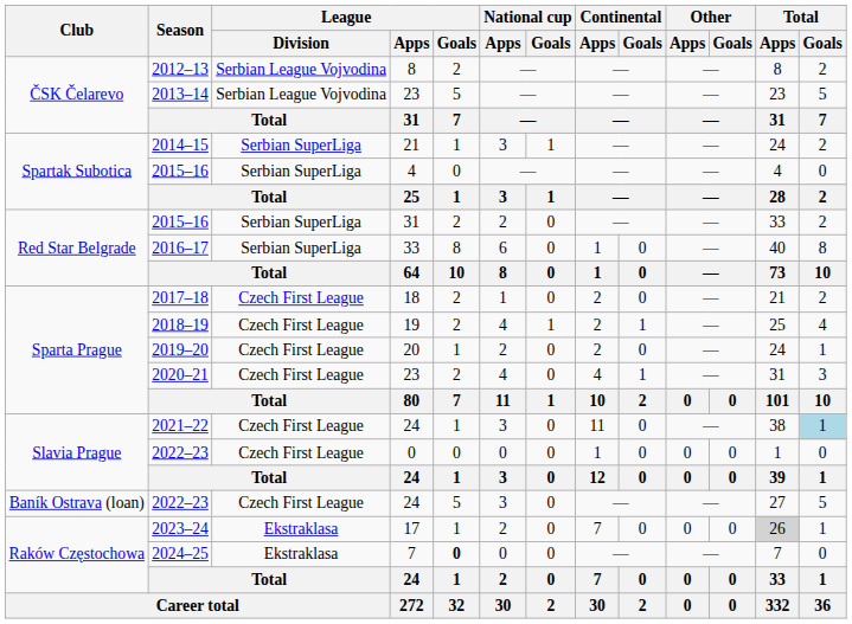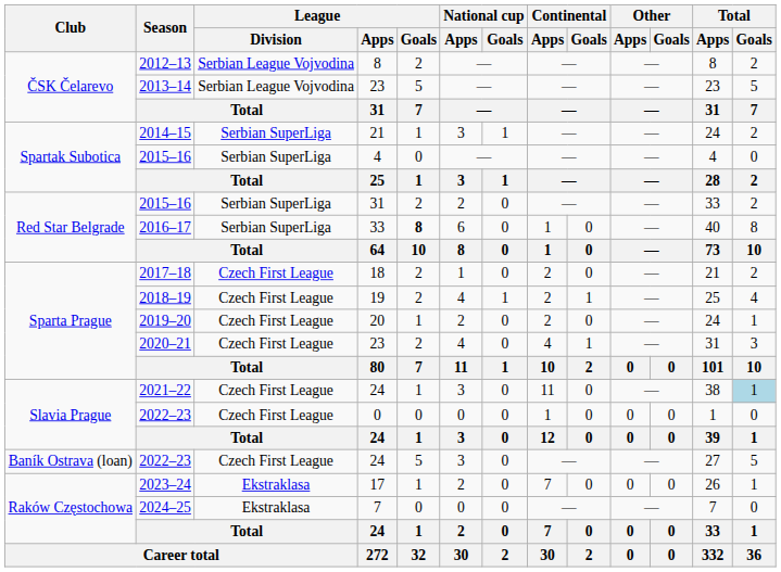 <table class="wikitable" style="text-align:center">
 <tr>
 <th rowspan="2">Club</th>
 <th rowspan="2">Season</th>
 <th colspan="3">League</th>
 <th colspan="2">National cup</th>
 <th colspan="2">Continental</th>
 <th colspan="2">Other</th>
 <th colspan="2">Total</th>
 </tr>
 <tr>
 <th>Division</th>
 <th>Apps</th>
 <th>Goals</th>
 <th>Apps</th>
 <th>Goals</th>
 <th>Apps</th>
 <th>Goals</th>
 <th>Apps</th>
 <th>Goals</th>
 <th>Apps</th>
 <th>Goals</th>
 </tr>
 <tr>
 <td rowspan="3"><a href='#'>ČSK Čelarevo</a></td>
 <td><a href='#'>2012–13</a></td>
 <td><a href='#'>Serbian League Vojvodina</a></td>
 <td>8</td>
 <td>2</td>
 <td colspan="2">—</td>
 <td colspan="2">—</td>
 <td colspan="2">—</td>
 <td>8</td>
 <td>2</td>
 </tr>
 <tr>
 <td><a href='#'>2013–14</a></td>
 <td>Serbian League Vojvodina</td>
 <td>23</td>
 <td>5</td>
 <td colspan="2">—</td>
 <td colspan="2">—</td>
 <td colspan="2">—</td>
 <td>23</td>
 <td>5</td>
 </tr>
 <tr>
 <th colspan="2">Total</th>
 <th>31</th>
 <th>7</th>
 <th colspan="2">—</th>
 <th colspan="2">—</th>
 <th colspan="2">—</th>
 <th>31</th>
 <th>7</th>
 </tr>
 <tr>
 <td rowspan="3"><a href='#'>Spartak Subotica</a></td>
 <td><a href='#'>2014–15</a></td>
 <td><a href='#'>Serbian SuperLiga</a></td>
 <td>21</td>
 <td>1</td>
 <td>3</td>
 <td>1</td>
 <td colspan="2">—</td>
 <td colspan="2">—</td>
 <td>24</td>
 <td>2</td>
 </tr>
 <tr>
 <td><a href='#'>2015–16</a></td>
 <td>Serbian SuperLiga</td>
 <td>4</td>
 <td>0</td>
 <td colspan="2">—</td>
 <td colspan="2">—</td>
 <td colspan="2">—</td>
 <td>4</td>
 <td>0</td>
 </tr>
 <tr>
 <th colspan="2">Total</th>
 <th>25</th>
 <th>1</th>
 <th>3</th>
 <th>1</th>
 <th colspan="2">—</th>
 <th colspan="2">—</th>
 <th>28</th>
 <th>2</th>
 </tr>
 <tr>
 <td rowspan="3"><a href='#'>Red Star Belgrade</a></td>
 <td><a href='#'>2015–16</a></td>
 <td>Serbian SuperLiga</td>
 <td>31</td>
 <td>2</td>
 <td>2</td>
 <td>0</td>
 <td colspan="2">—</td>
 <td colspan="2">—</td>
 <td>33</td>
 <td>2</td>
 </tr>
 <tr>
 <td><a href='#'>2016–17</a></td>
 <td>Serbian SuperLiga</td>
 <td>33</td>
-<td>8</td>
+<td><strong>8</strong></td>
 <td>6</td>
 <td>0</td>
 <td>1</td>
 <td>0</td>
 <td colspan="2">—</td>
 <td>40</td>
 <td>8</td>
 </tr>
 <tr>
 <th colspan="2">Total</th>
 <th>64</th>
 <th>10</th>
 <th>8</th>
 <th>0</th>
 <th>1</th>
 <th>0</th>
 <th colspan="2">—</th>
 <th>73</th>
 <th>10</th>
 </tr>
 <tr>
 <td rowspan="5"><a href='#'>Sparta Prague</a></td>
 <td><a href='#'>2017–18</a></td>
 <td><a href='#'>Czech First League</a></td>
 <td>18</td>
 <td>2</td>
 <td>1</td>
 <td>0</td>
 <td>2</td>
 <td>0</td>
 <td colspan="2">—</td>
 <td>21</td>
 <td>2</td>
 </tr>
 <tr>
 <td><a href='#'>2018–19</a></td>
 <td>Czech First League</td>
 <td>19</td>
 <td>2</td>
 <td>4</td>
 <td>1</td>
 <td>2</td>
 <td>1</td>
 <td colspan="2">—</td>
 <td>25</td>
 <td>4</td>
 </tr>
 <tr>
 <td><a href='#'>2019–20</a></td>
 <td>Czech First League</td>
 <td>20</td>
 <td>1</td>
 <td>2</td>
 <td>0</td>
 <td>2</td>
 <td>0</td>
 <td colspan="2">—</td>
 <td>24</td>
 <td>1</td>
 </tr>
 <tr>
 <td><a href='#'>2020–21</a></td>
 <td>Czech First League</td>
 <td>23</td>
 <td>2</td>
 <td>4</td>
 <td>0</td>
 <td>4</td>
 <td>1</td>
 <td colspan="2">—</td>
 <td>31</td>
 <td>3</td>
 </tr>
 <tr>
 <th colspan="2">Total</th>
 <th>80</th>
 <th>7</th>
 <th>11</th>
 <th>1</th>
 <th>10</th>
 <th>2</th>
 <th>0</th>
 <th>0</th>
 <th>101</th>
 <th>10</th>
 </tr>
 <tr>
 <td rowspan="3"><a href='#'>Slavia Prague</a></td>
 <td><a href='#'>2021–22</a></td>
 <td>Czech First League</td>
 <td>24</td>
 <td>1</td>
 <td>3</td>
 <td>0</td>
 <td>11</td>
 <td>0</td>
 <td colspan="2">—</td>
 <td>38</td>
 <td style="background: lightblue;">1</td>
 </tr>
 <tr>
 <td><a href='#'>2022–23</a></td>
 <td>Czech First League</td>
 <td>0</td>
 <td>0</td>
 <td>0</td>
 <td>0</td>
 <td>1</td>
 <td>0</td>
 <td>0</td>
 <td>0</td>
 <td>1</td>
 <td>0</td>
 </tr>
 <tr>
 <th colspan="2">Total</th>
 <th>24</th>
 <th>1</th>
 <th>3</th>
 <th>0</th>
 <th>12</th>
 <th>0</th>
 <th>0</th>
 <th>0</th>
 <th>39</th>
 <th>1</th>
 </tr>
 <tr>
 <td><a href='#'>Baník Ostrava</a> (loan)</td>
 <td><a href='#'>2022–23</a></td>
 <td>Czech First League</td>
 <td>24</td>
 <td>5</td>
 <td>3</td>
 <td>0</td>
 <td colspan="2">—</td>
 <td colspan="2">—</td>
 <td>27</td>
 <td>5</td>
 </tr>
 <tr>
 <td rowspan="3"><a href='#'>Raków Częstochowa</a></td>
 <td><a href='#'>2023–24</a></td>
 <td><a href='#'>Ekstraklasa</a></td>
 <td>17</td>
 <td>1</td>
 <td>2</td>
 <td>0</td>
 <td>7</td>
 <td>0</td>
 <td>0</td>
 <td>0</td>
-<td style="background: lightgrey;">26</td>
+<td>26</td>
 <td>1</td>
 </tr>
 <tr>
 <td><a href='#'>2024–25</a></td>
 <td>Ekstraklasa</td>
 <td>7</td>
-<td><strong>0</strong></td>
+<td>0</td>
 <td>0</td>
 <td>0</td>
 <td colspan="2">—</td>
 <td colspan="2">—</td>
 <td>7</td>
 <td>0</td>
 </tr>
 <tr>
 <th colspan="2">Total</th>
 <th>24</th>
 <th>1</th>
 <th>2</th>
 <th>0</th>
 <th>7</th>
 <th>0</th>
 <th>0</th>
 <th>0</th>
 <th>33</th>
 <th>1</th>
 </tr>
 <tr>
 <th colspan="3">Career total</th>
 <th>272</th>
 <th>32</th>
 <th>30</th>
 <th>2</th>
 <th>30</th>
 <th>2</th>
 <th>0</th>
 <th>0</th>
 <th>332</th>
 <th>36</th>
 </tr>
 </table>
